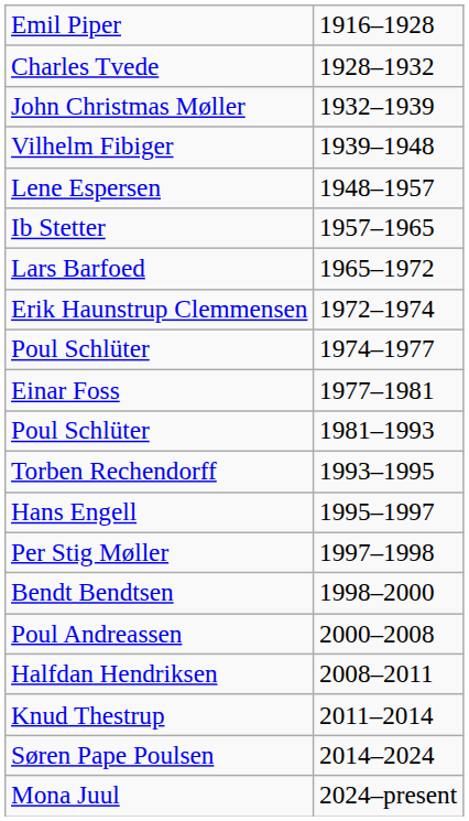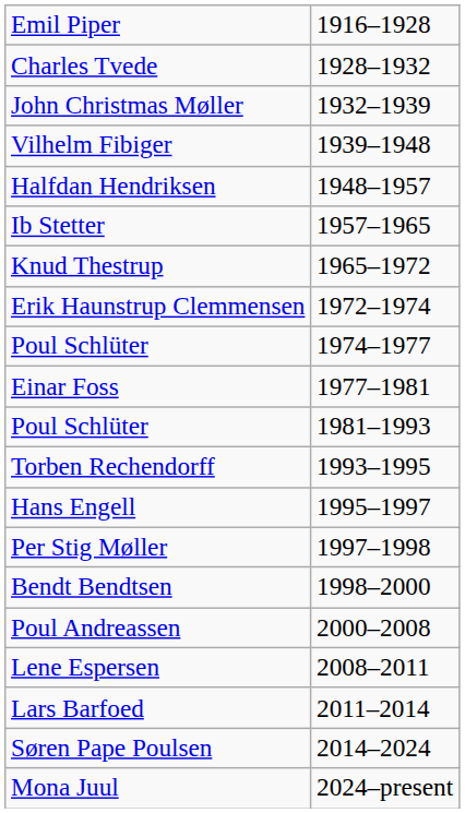 <table class="wikitable">
 <tr>
 <td><a href='#'>Emil Piper</a></td>
 <td>1916–1928</td>
 </tr>
 <tr>
 <td><a href='#'>Charles Tvede</a></td>
 <td>1928–1932</td>
 </tr>
 <tr>
 <td><a href='#'>John Christmas Møller</a></td>
 <td>1932–1939</td>
 </tr>
 <tr>
 <td><a href='#'>Vilhelm Fibiger</a></td>
 <td>1939–1948</td>
 </tr>
 <tr>
-<td><a href='#'>Lene Espersen</a></td>
+<td><a href='#'>Halfdan Hendriksen</a></td>
 <td>1948–1957</td>
 </tr>
 <tr>
 <td><a href='#'>Ib Stetter</a></td>
 <td>1957–1965</td>
 </tr>
 <tr>
-<td><a href='#'>Lars Barfoed</a></td>
+<td><a href='#'>Knud Thestrup</a></td>
 <td>1965–1972</td>
 </tr>
 <tr>
 <td><a href='#'>Erik Haunstrup Clemmensen</a></td>
 <td>1972–1974</td>
 </tr>
 <tr>
 <td><a href='#'>Poul Schlüter</a></td>
 <td>1974–1977</td>
 </tr>
 <tr>
 <td><a href='#'>Einar Foss</a></td>
 <td>1977–1981</td>
 </tr>
 <tr>
 <td><a href='#'>Poul Schlüter</a></td>
 <td>1981–1993</td>
 </tr>
 <tr>
 <td><a href='#'>Torben Rechendorff</a></td>
 <td>1993–1995</td>
 </tr>
 <tr>
 <td><a href='#'>Hans Engell</a></td>
 <td>1995–1997</td>
 </tr>
 <tr>
 <td><a href='#'>Per Stig Møller</a></td>
 <td>1997–1998</td>
 </tr>
 <tr>
 <td><a href='#'>Bendt Bendtsen</a></td>
 <td>1998–2000</td>
 </tr>
 <tr>
 <td><a href='#'>Poul Andreassen</a></td>
 <td>2000–2008</td>
 </tr>
 <tr>
-<td><a href='#'>Halfdan Hendriksen</a></td>
+<td><a href='#'>Lene Espersen</a></td>
 <td>2008–2011</td>
 </tr>
 <tr>
-<td><a href='#'>Knud Thestrup</a></td>
+<td><a href='#'>Lars Barfoed</a></td>
 <td>2011–2014</td>
 </tr>
 <tr>
 <td><a href='#'>Søren Pape Poulsen</a></td>
 <td>2014–2024</td>
 </tr>
 <tr>
 <td><a href='#'>Mona Juul</a></td>
 <td>2024–present</td>
 </tr>
 </table>
